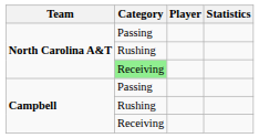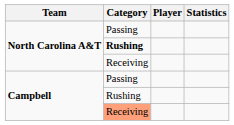 <table class="wikitable" style="float: right;">
 <tr>
 <th>Team</th>
 <th>Category</th>
 <th>Player</th>
 <th>Statistics</th>
 </tr>
 <tr>
 <td rowspan=3><strong>North Carolina A&T</strong></td>
 <td>Passing</td>
 <td></td>
 <td></td>
 </tr>
 <tr>
-<td>Rushing</td>
+<td><strong>Rushing</strong></td>
 <td></td>
 <td></td>
 </tr>
 <tr>
-<td style="background: lightgreen;">Receiving</td>
+<td>Receiving</td>
 <td></td>
 <td></td>
 </tr>
 <tr>
 <td rowspan=3><strong>Campbell</strong></td>
 <td>Passing</td>
 <td></td>
 <td></td>
 </tr>
 <tr>
 <td>Rushing</td>
 <td></td>
 <td></td>
 </tr>
 <tr>
-<td>Receiving</td>
+<td style="background: lightsalmon;">Receiving</td>
 <td></td>
 <td></td>
 </tr>
 </table>
